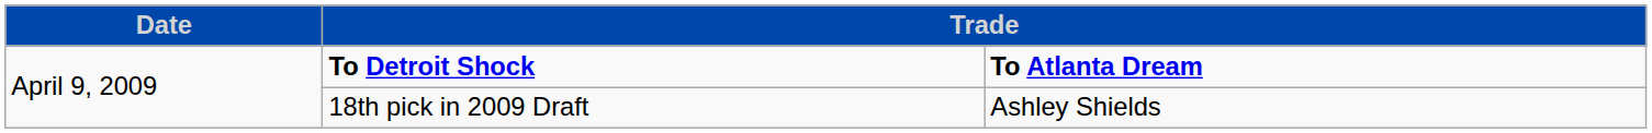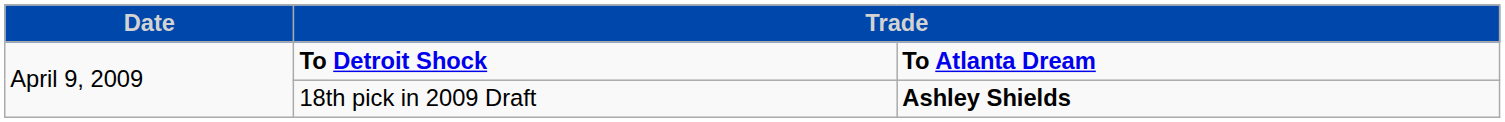 <table class="wikitable" style="width:80%">
 <tr>
 <th style="background:#0047AB;color:#D3D3D3; width=200">Date</th>
 <th style="background:#0047AB;color:#D3D3D3;" colspan=2>Trade</th>
 </tr>
 <tr>
 <td rowspan=2>April 9, 2009</td>
 <td width=400><strong>To <a href='#'>Detroit Shock</a></strong></td>
 <td width=400><strong>To <a href='#'>Atlanta Dream</a></strong></td>
 </tr>
 <tr>
 <td>18th pick in 2009 Draft</td>
-<td>Ashley Shields</td>
+<td><strong>Ashley Shields</strong></td>
 </tr>
 </table>
